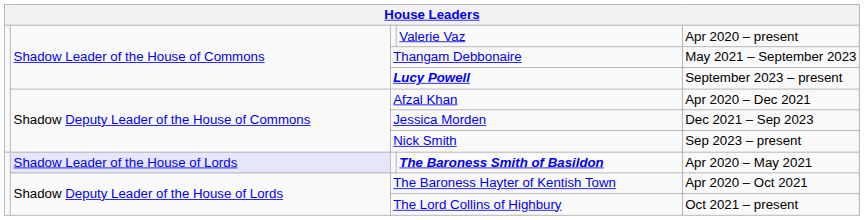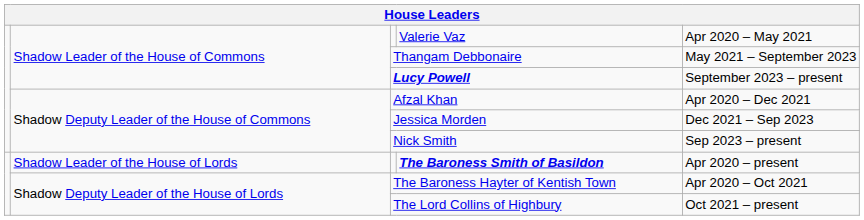 <table class="wikitable">
 <tr>
 <th colspan="5"><a href='#'>House Leaders</a></th>
 </tr>
 <tr>
 <td rowspan="6" style="background: "></td>
 <td rowspan="3" style="width: 450px;"><a href='#'>Shadow Leader of the House of Commons</a></td>
 <td style="background: "></td>
 <td colspan="1" style="width: 337px;"><a href='#'>Valerie Vaz</a></td>
-<td>Apr 2020 – present</td>
+<td>Apr 2020 – May 2021</td>
 </tr>
 <tr>
 <td colspan="2"><a href='#'>Thangam Debbonaire</a></td>
 <td>May 2021 – September 2023</td>
 </tr>
 <tr>
 <td colspan="2"><strong><em><a href='#'>Lucy Powell</a></em></strong></td>
 <td>September 2023 – present</td>
 </tr>
 <tr>
 <td rowspan="3">Shadow <a href='#'>Deputy Leader of the House of Commons</a></td>
 <td colspan="2"><a href='#'>Afzal Khan</a></td>
 <td>Apr 2020 – Dec 2021</td>
 </tr>
 <tr>
 <td colspan="2"><a href='#'>Jessica Morden</a></td>
 <td>Dec 2021 – Sep 2023</td>
 </tr>
 <tr>
 <td colspan="2"><a href='#'>Nick Smith</a></td>
 <td>Sep 2023 – present</td>
 </tr>
 <tr>
 <td rowspan="3" style="background: "></td>
-<td style="background: lavender;"><a href='#'>Shadow Leader of the House of Lords</a></td>
+<td><a href='#'>Shadow Leader of the House of Lords</a></td>
 <td style="background: "></td>
 <td><strong><a href='#'><em>The Baroness Smith of Basildon</em></a></strong></td>
-<td>Apr 2020 – May 2021</td>
+<td>Apr 2020 – present</td>
 </tr>
 <tr>
 <td rowspan="2">Shadow <a href='#'>Deputy Leader of the House of Lords</a></td>
 <td colspan="2"><a href='#'>The Baroness Hayter of Kentish Town</a></td>
 <td>Apr 2020 – Oct 2021</td>
 </tr>
 <tr>
 <td colspan="2"><a href='#'>The Lord Collins of Highbury</a></td>
 <td>Oct 2021 – present</td>
 </tr>
 </table>
